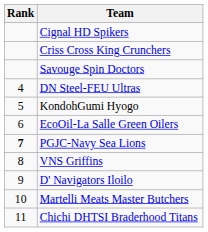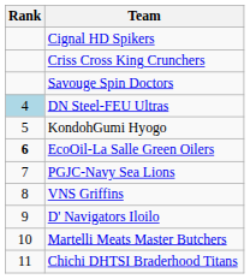 <table class="wikitable" style="text-align: center">
 <tr>
 <th width=>Rank</th>
 <th width=220>Team</th>
 </tr>
 <tr>
 <td></td>
 <td style="text-align:left"><a href='#'>Cignal HD Spikers</a></td>
 </tr>
 <tr>
 <td></td>
 <td style="text-align:left"><a href='#'>Criss Cross King Crunchers</a></td>
 </tr>
 <tr>
 <td></td>
 <td style="text-align:left"><a href='#'>Savouge Spin Doctors</a></td>
 </tr>
 <tr>
-<td>4</td>
+<td style="background: lightblue;">4</td>
 <td style="text-align:left"><a href='#'>DN Steel-FEU Ultras</a></td>
 </tr>
 <tr>
 <td>5</td>
 <td style="text-align:left">KondohGumi Hyogo</td>
 </tr>
 <tr>
-<td>6</td>
+<td><strong>6</strong></td>
 <td style="text-align:left"><a href='#'>EcoOil-La Salle Green Oilers</a></td>
 </tr>
 <tr>
-<td><strong>7</strong></td>
+<td>7</td>
 <td style="text-align:left"><a href='#'>PGJC-Navy Sea Lions</a></td>
 </tr>
 <tr>
 <td>8</td>
 <td style="text-align:left"><a href='#'>VNS Griffins</a></td>
 </tr>
 <tr>
 <td>9</td>
 <td style="text-align:left"><a href='#'>D' Navigators Iloilo</a></td>
 </tr>
 <tr>
 <td>10</td>
 <td style="text-align:left"><a href='#'>Martelli Meats Master Butchers</a></td>
 </tr>
 <tr>
 <td>11</td>
 <td style="text-align:left"><a href='#'>Chichi DHTSI Braderhood Titans</a></td>
 </tr>
 </table>
